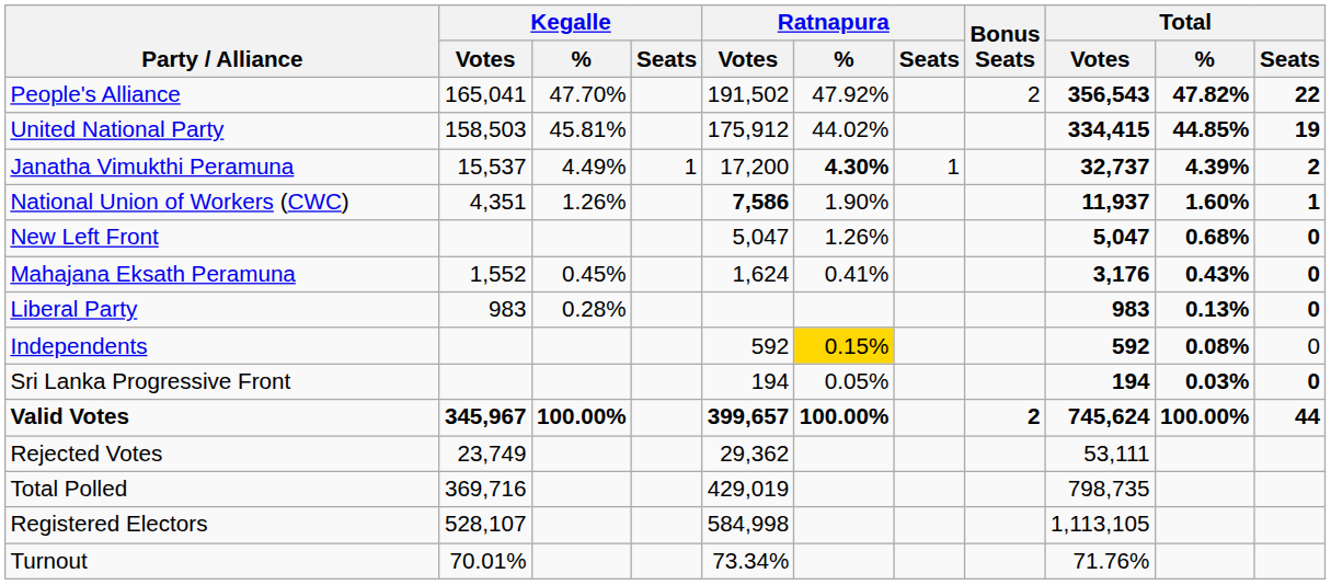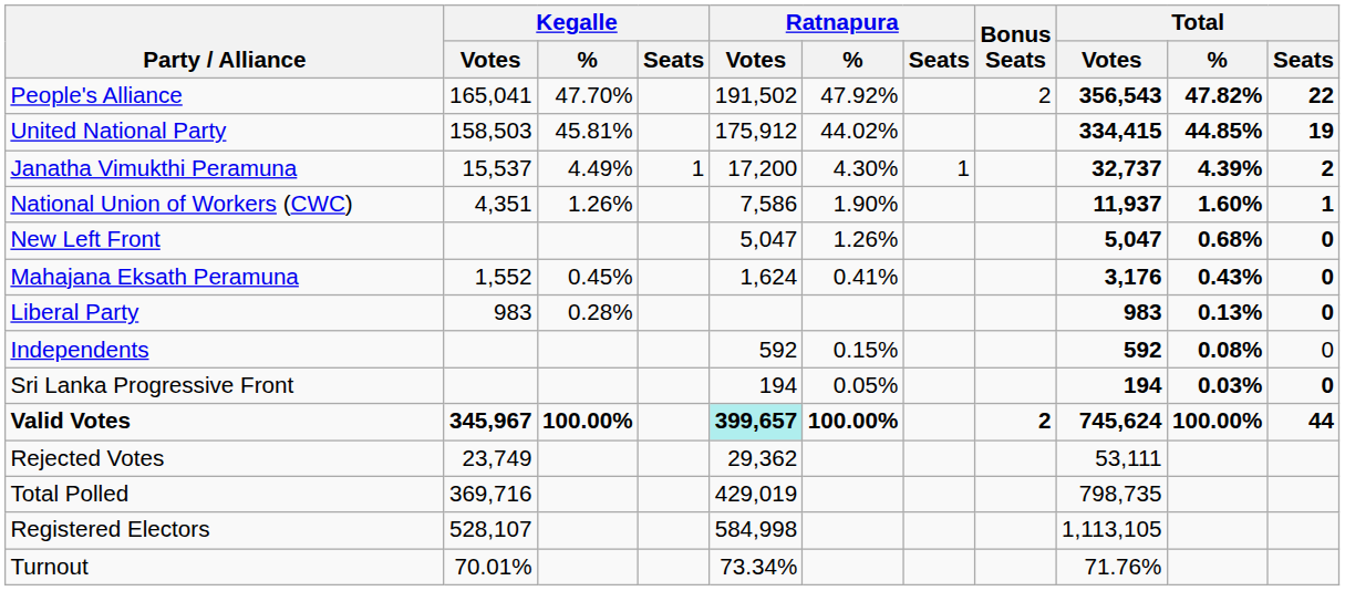 <table class="wikitable" border="1" style="text-align:right;">
 <tr>
 <th valign=bottom rowspan=2 width="300">Party / Alliance</th>
 <th colspan=3><a href='#'>Kegalle</a></th>
 <th colspan=3><a href='#'>Ratnapura</a></th>
 <th valign=bottom rowspan=2 width="40">Bonus<br>Seats</th>
 <th colspan=3>Total</th>
 </tr>
 <tr>
 <th align=center valign=bottom width="50">Votes</th>
 <th align=center valign=bottom width="50">%</th>
 <th align=center valign=bottom width="40">Seats</th>
 <th align=center valign=bottom width="50">Votes</th>
 <th align=center valign=bottom width="50">%</th>
 <th align=center valign=bottom width="40">Seats</th>
 <th align=center valign=bottom width="50">Votes</th>
 <th align=center valign=bottom width="50">%</th>
 <th align=center valign=bottom width="40">Seats</th>
 </tr>
 <tr>
 <td align=left><a href='#'>People's Alliance</a></td>
 <td>165,041</td>
 <td>47.70%</td>
 <td></td>
 <td>191,502</td>
 <td>47.92%</td>
 <td></td>
 <td>2</td>
 <td><strong>356,543</strong></td>
 <td><strong>47.82%</strong></td>
 <td><strong>22</strong></td>
 </tr>
 <tr>
 <td align=left><a href='#'>United National Party</a></td>
 <td>158,503</td>
 <td>45.81%</td>
 <td></td>
 <td>175,912</td>
 <td>44.02%</td>
 <td></td>
 <td></td>
 <td><strong>334,415</strong></td>
 <td><strong>44.85%</strong></td>
 <td><strong>19</strong></td>
 </tr>
 <tr>
 <td align=left><a href='#'>Janatha Vimukthi Peramuna</a></td>
 <td>15,537</td>
 <td>4.49%</td>
 <td>1</td>
 <td>17,200</td>
-<td><strong>4.30%</strong></td>
+<td>4.30%</td>
 <td>1</td>
 <td></td>
 <td><strong>32,737</strong></td>
 <td><strong>4.39%</strong></td>
 <td><strong>2</strong></td>
 </tr>
 <tr>
 <td align=left><a href='#'>National Union of Workers</a> (<a href='#'>CWC</a>)</td>
 <td>4,351</td>
 <td>1.26%</td>
 <td></td>
-<td><strong>7,586</strong></td>
+<td>7,586</td>
 <td>1.90%</td>
 <td></td>
 <td></td>
 <td><strong>11,937</strong></td>
 <td><strong>1.60%</strong></td>
 <td><strong>1</strong></td>
 </tr>
 <tr>
 <td align=left><a href='#'>New Left Front</a></td>
 <td></td>
 <td></td>
 <td></td>
 <td>5,047</td>
 <td>1.26%</td>
 <td></td>
 <td></td>
 <td><strong>5,047</strong></td>
 <td><strong>0.68%</strong></td>
 <td><strong>0</strong></td>
 </tr>
 <tr>
 <td align=left><a href='#'>Mahajana Eksath Peramuna</a></td>
 <td>1,552</td>
 <td>0.45%</td>
 <td></td>
 <td>1,624</td>
 <td>0.41%</td>
 <td></td>
 <td></td>
 <td><strong>3,176</strong></td>
 <td><strong>0.43%</strong></td>
 <td><strong>0</strong></td>
 </tr>
 <tr>
 <td align=left><a href='#'>Liberal Party</a></td>
 <td>983</td>
 <td>0.28%</td>
 <td></td>
 <td></td>
 <td></td>
 <td></td>
 <td></td>
 <td><strong>983</strong></td>
 <td><strong>0.13%</strong></td>
 <td><strong>0</strong></td>
 </tr>
 <tr>
 <td align=left><a href='#'>Independents</a></td>
 <td></td>
 <td></td>
 <td></td>
 <td>592</td>
-<td style="background: gold;">0.15%</td>
+<td>0.15%</td>
 <td></td>
 <td></td>
 <td><strong>592</strong></td>
 <td><strong>0.08%</strong></td>
 <td>0</td>
 </tr>
 <tr>
 <td align=left>Sri Lanka Progressive Front</td>
 <td></td>
 <td></td>
 <td></td>
 <td>194</td>
 <td>0.05%</td>
 <td></td>
 <td></td>
 <td><strong>194</strong></td>
 <td><strong>0.03%</strong></td>
 <td><strong>0</strong></td>
 </tr>
 <tr>
 <td align=left><strong>Valid Votes</strong></td>
 <td><strong>345,967</strong></td>
 <td><strong>100.00%</strong></td>
 <td></td>
-<td><strong>399,657</strong></td>
+<td style="background: paleturquoise;"><strong>399,657</strong></td>
 <td><strong>100.00%</strong></td>
 <td></td>
 <td><strong>2</strong></td>
 <td><strong>745,624</strong></td>
 <td><strong>100.00%</strong></td>
 <td><strong>44</strong></td>
 </tr>
 <tr>
 <td align=left>Rejected Votes</td>
 <td>23,749</td>
 <td></td>
 <td></td>
 <td>29,362</td>
 <td></td>
 <td></td>
 <td></td>
 <td>53,111</td>
 <td></td>
 <td></td>
 </tr>
 <tr>
 <td align=left>Total Polled</td>
 <td>369,716</td>
 <td></td>
 <td></td>
 <td>429,019</td>
 <td></td>
 <td></td>
 <td></td>
 <td>798,735</td>
 <td></td>
 <td></td>
 </tr>
 <tr>
 <td align=left>Registered Electors</td>
 <td>528,107</td>
 <td></td>
 <td></td>
 <td>584,998</td>
 <td></td>
 <td></td>
 <td></td>
 <td>1,113,105</td>
 <td></td>
 <td></td>
 </tr>
 <tr>
 <td align=left>Turnout</td>
 <td>70.01%</td>
 <td></td>
 <td></td>
 <td>73.34%</td>
 <td></td>
 <td></td>
 <td></td>
 <td>71.76%</td>
 <td></td>
 <td></td>
 </tr>
 </table>
